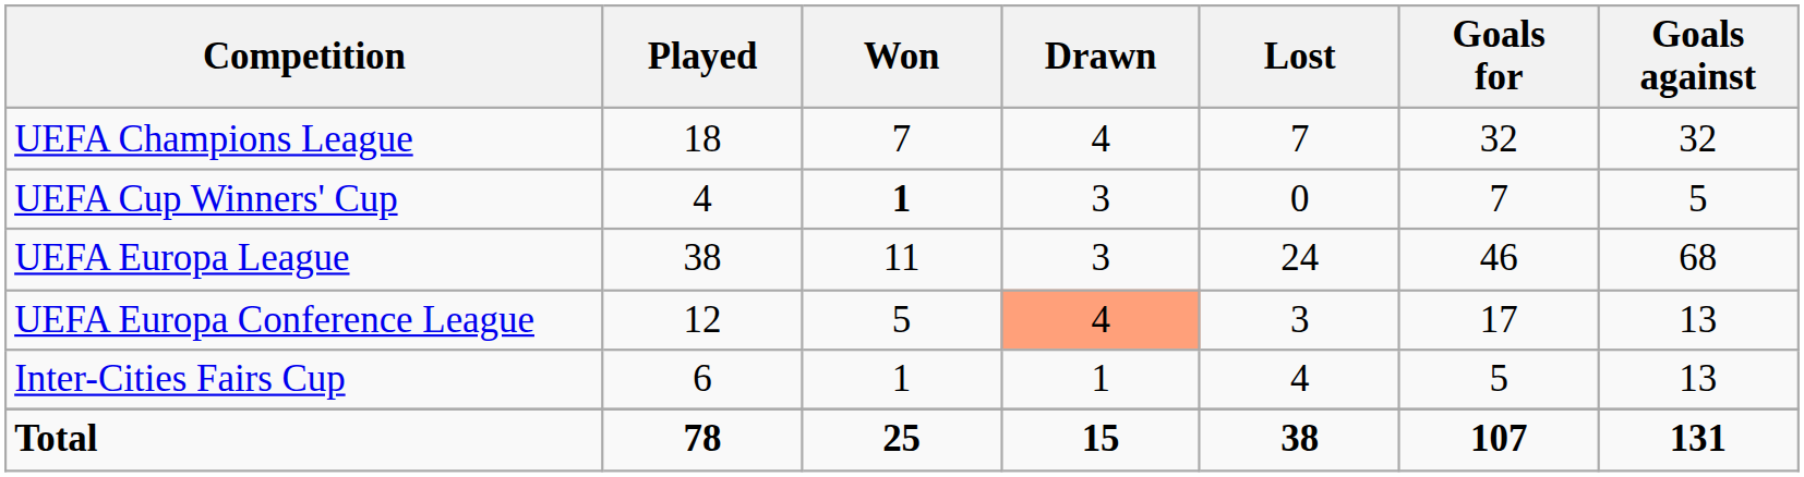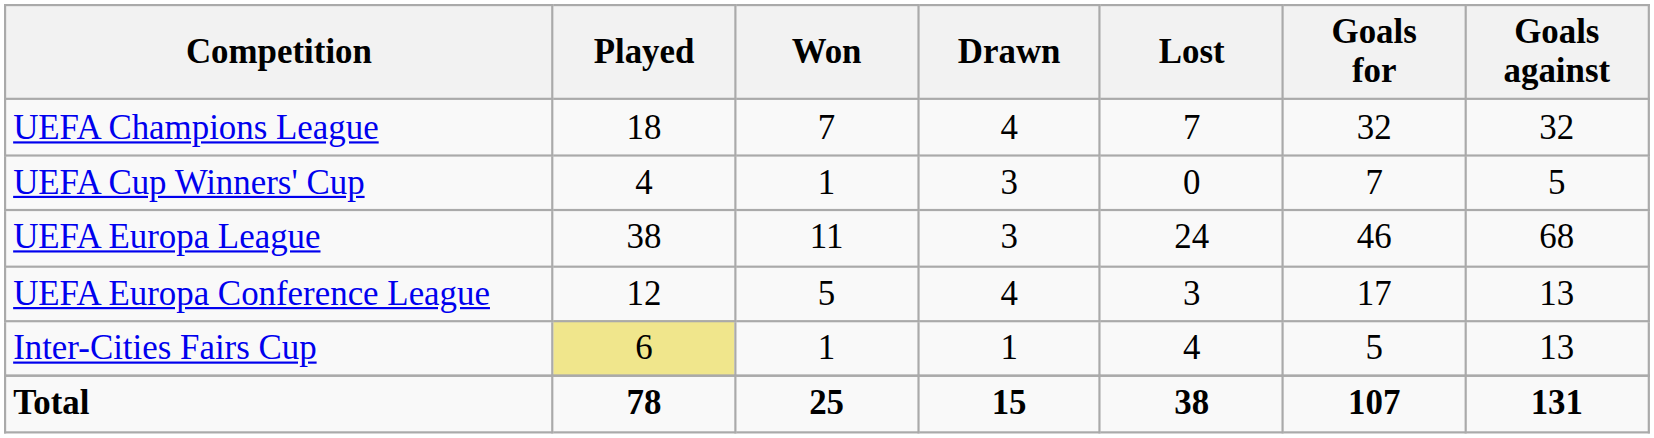 <table class="sortable wikitable">
 <tr>
 <th width=30%>Competition</th>
 <th width=10%>Played</th>
 <th width=10%>Won</th>
 <th width=10%>Drawn</th>
 <th width=10%>Lost</th>
 <th width=10%>Goals<br>for</th>
 <th width=10%>Goals<br>against</th>
 </tr>
 <tr>
 <td><a href='#'>UEFA Champions League</a></td>
 <td align=center>18</td>
 <td align=center>7</td>
 <td align=center>4</td>
 <td align=center>7</td>
 <td align=center>32</td>
 <td align=center>32</td>
 </tr>
 <tr>
 <td><a href='#'>UEFA Cup Winners' Cup</a></td>
 <td align=center>4</td>
-<td align=center><strong>1</strong></td>
+<td align=center>1</td>
 <td align=center>3</td>
 <td align=center>0</td>
 <td align=center>7</td>
 <td align=center>5</td>
 </tr>
 <tr>
 <td><a href='#'>UEFA Europa League</a></td>
 <td align=center>38</td>
 <td align=center>11</td>
 <td align=center>3</td>
 <td align=center>24</td>
 <td align=center>46</td>
 <td align=center>68</td>
 </tr>
 <tr>
 <td><a href='#'>UEFA Europa Conference League</a></td>
 <td align=center>12</td>
 <td align=center>5</td>
-<td align=center style="background: lightsalmon;">4</td>
+<td align=center>4</td>
 <td align=center>3</td>
 <td align=center>17</td>
 <td align=center>13</td>
 </tr>
 <tr>
 <td><a href='#'>Inter-Cities Fairs Cup</a></td>
-<td align=center>6</td>
+<td align=center style="background: khaki;">6</td>
 <td align=center>1</td>
 <td align=center>1</td>
 <td align=center>4</td>
 <td align=center>5</td>
 <td align=center>13</td>
 </tr>
 <tr>
 </tr>
 <tr class="sortbottom">
 <td><strong>Total</strong></td>
 <td align=center><strong>78</strong></td>
 <td align=center><strong>25</strong></td>
 <td align=center><strong>15</strong></td>
 <td align=center><strong>38</strong></td>
 <td align=center><strong>107</strong></td>
 <td align=center><strong>131</strong></td>
 </tr>
 </table>
